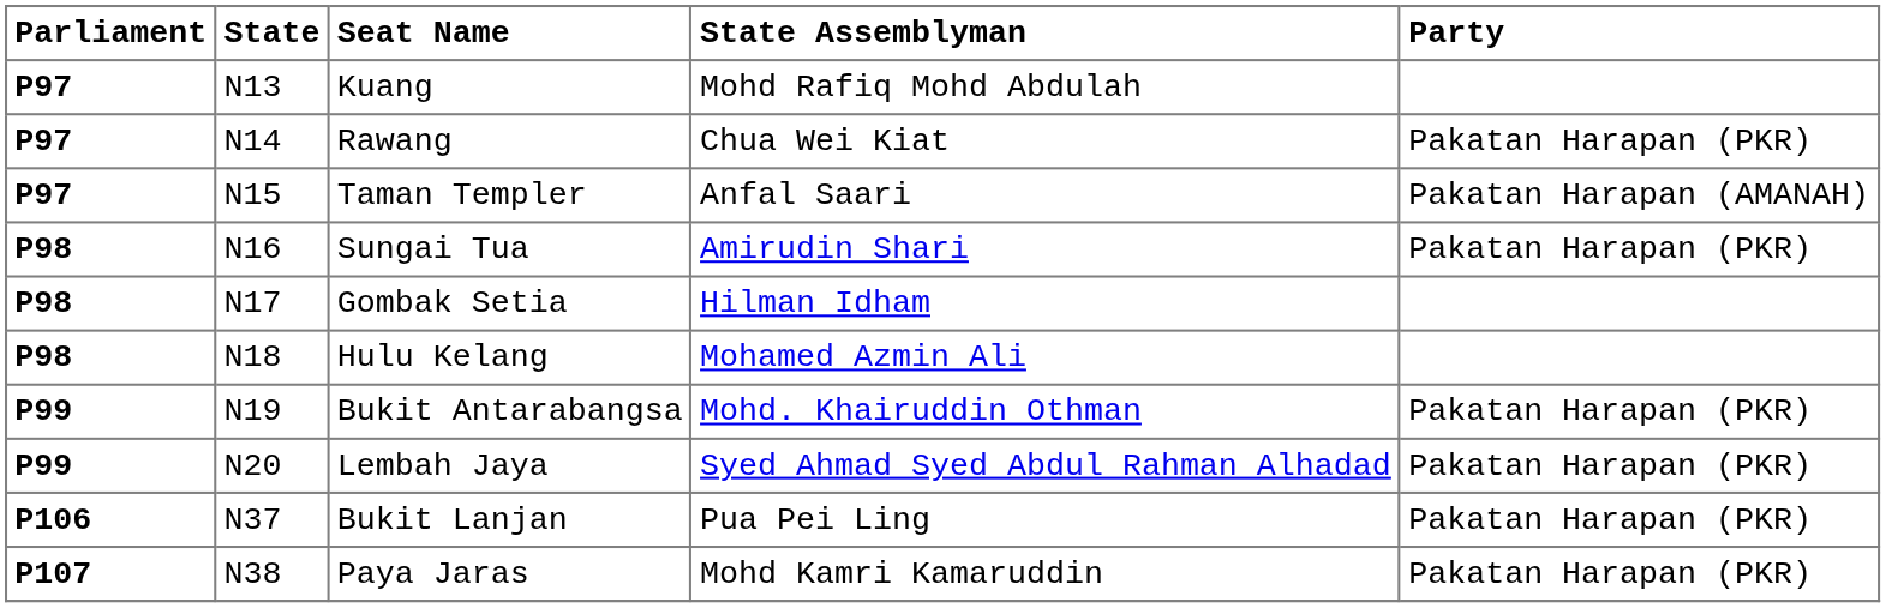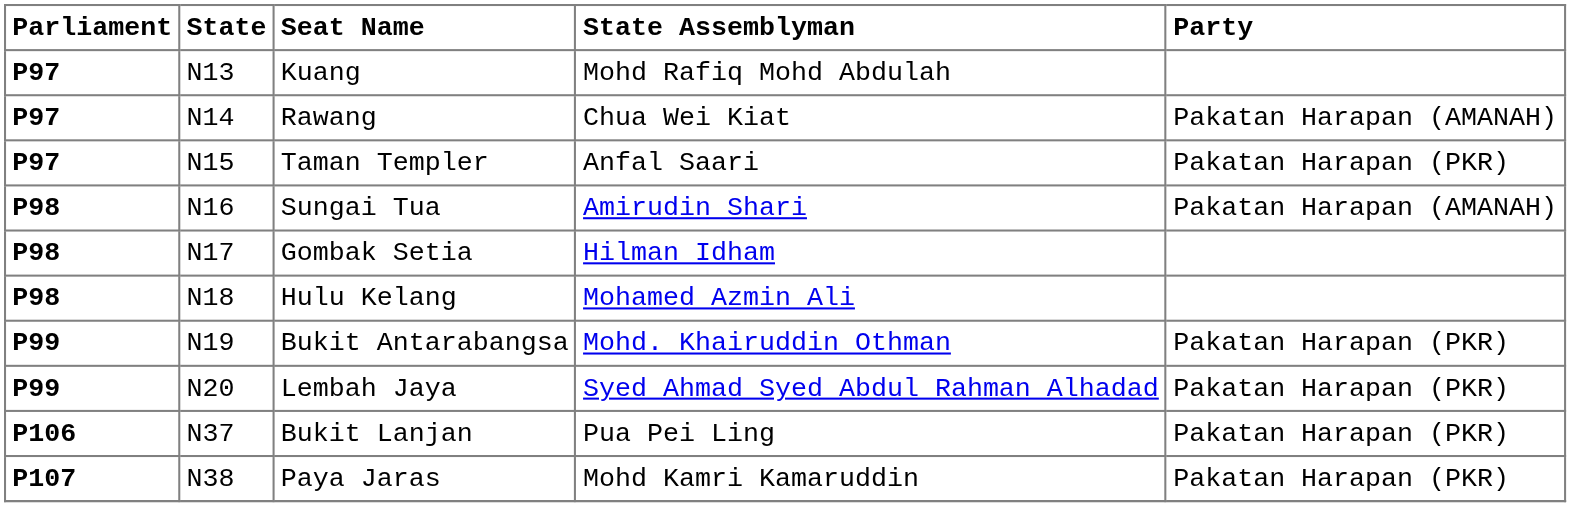 <table class="toccolours sortable" border="1" cellpadding="3" style="border-collapse:collapse; text-align: left;">
 <tr>
 <th align="center">Parliament</th>
 <th>State</th>
 <th>Seat Name</th>
 <th>State Assemblyman</th>
 <th>Party</th>
 </tr>
 <tr>
 <th align="left">P97</th>
 <td>N13</td>
 <td>Kuang</td>
 <td>Mohd Rafiq Mohd Abdulah</td>
 <td></td>
 </tr>
 <tr>
 <th align="left">P97</th>
 <td>N14</td>
 <td>Rawang</td>
 <td>Chua Wei Kiat</td>
-<td>Pakatan Harapan (PKR)</td>
+<td>Pakatan Harapan (AMANAH)</td>
 </tr>
 <tr>
 <th align="left">P97</th>
 <td>N15</td>
 <td>Taman Templer</td>
 <td>Anfal Saari</td>
-<td>Pakatan Harapan (AMANAH)</td>
+<td>Pakatan Harapan (PKR)</td>
 </tr>
 <tr>
 <th align="left">P98</th>
 <td>N16</td>
 <td>Sungai Tua</td>
 <td><a href='#'>Amirudin Shari</a></td>
-<td>Pakatan Harapan (PKR)</td>
+<td>Pakatan Harapan (AMANAH)</td>
 </tr>
 <tr>
 <th align="left">P98</th>
 <td>N17</td>
 <td>Gombak Setia</td>
 <td><a href='#'>Hilman Idham</a></td>
 <td></td>
 </tr>
 <tr>
 <th align="left">P98</th>
 <td>N18</td>
 <td>Hulu Kelang</td>
 <td><a href='#'>Mohamed Azmin Ali</a></td>
 <td></td>
 </tr>
 <tr>
 <th align="left">P99</th>
 <td>N19</td>
 <td>Bukit Antarabangsa</td>
 <td><a href='#'>Mohd. Khairuddin Othman</a></td>
 <td>Pakatan Harapan (PKR)</td>
 </tr>
 <tr>
 <th align="left">P99</th>
 <td>N20</td>
 <td>Lembah Jaya</td>
 <td><a href='#'>Syed Ahmad Syed Abdul Rahman Alhadad</a></td>
 <td>Pakatan Harapan (PKR)</td>
 </tr>
 <tr>
 <th align="left">P106</th>
 <td>N37</td>
 <td>Bukit Lanjan</td>
 <td>Pua Pei Ling</td>
 <td>Pakatan Harapan (PKR)</td>
 </tr>
 <tr>
 <th align="left">P107</th>
 <td>N38</td>
 <td>Paya Jaras</td>
 <td>Mohd Kamri Kamaruddin</td>
 <td>Pakatan Harapan (PKR)</td>
 </tr>
 <tr>
 </tr>
 </table>
